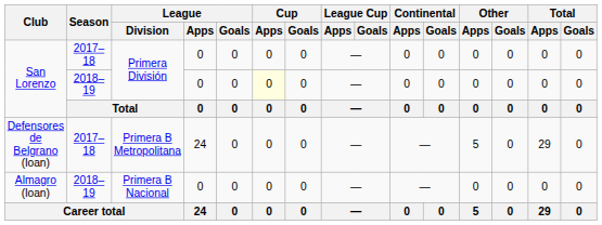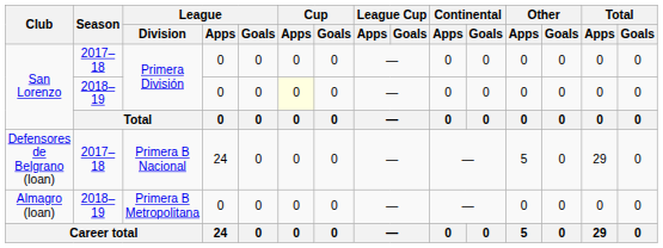 <table class="wikitable" style="text-align:center">
 <tr>
 <th rowspan="2">Club</th>
 <th rowspan="2">Season</th>
 <th colspan="3">League</th>
 <th colspan="2">Cup</th>
 <th colspan="2">League Cup</th>
 <th colspan="2">Continental</th>
 <th colspan="2">Other</th>
 <th colspan="2">Total</th>
 </tr>
 <tr>
 <th>Division</th>
 <th>Apps</th>
 <th>Goals</th>
 <th>Apps</th>
 <th>Goals</th>
 <th>Apps</th>
 <th>Goals</th>
 <th>Apps</th>
 <th>Goals</th>
 <th>Apps</th>
 <th>Goals</th>
 <th>Apps</th>
 <th>Goals</th>
 </tr>
 <tr>
 <td rowspan="3"><a href='#'>San Lorenzo</a></td>
 <td><a href='#'>2017–18</a></td>
 <td rowspan="2"><a href='#'>Primera División</a></td>
 <td>0</td>
 <td>0</td>
 <td>0</td>
 <td>0</td>
 <td colspan="2">—</td>
 <td>0</td>
 <td>0</td>
 <td>0</td>
 <td>0</td>
 <td>0</td>
 <td>0</td>
 </tr>
 <tr>
 <td><a href='#'>2018–19</a></td>
 <td>0</td>
 <td>0</td>
 <td style="background: lightyellow;">0</td>
 <td>0</td>
 <td colspan="2">—</td>
 <td>0</td>
 <td>0</td>
 <td>0</td>
 <td>0</td>
 <td>0</td>
 <td>0</td>
 </tr>
 <tr>
 <th colspan="2">Total</th>
 <th>0</th>
 <th>0</th>
 <th>0</th>
 <th>0</th>
 <th colspan="2">—</th>
 <th>0</th>
 <th>0</th>
 <th>0</th>
 <th>0</th>
 <th>0</th>
 <th>0</th>
 </tr>
 <tr>
 <td rowspan="1"><a href='#'>Defensores de Belgrano</a> (loan)</td>
 <td><a href='#'>2017–18</a></td>
-<td rowspan="1"><a href='#'>Primera B Metropolitana</a></td>
+<td rowspan="1"><a href='#'>Primera B Nacional</a></td>
 <td>24</td>
 <td>0</td>
 <td>0</td>
 <td>0</td>
 <td colspan="2">—</td>
 <td colspan="2">—</td>
 <td>5</td>
 <td>0</td>
 <td>29</td>
 <td>0</td>
 </tr>
 <tr>
 <td rowspan="1"><a href='#'>Almagro</a> (loan)</td>
 <td><a href='#'>2018–19</a></td>
-<td rowspan="1"><a href='#'>Primera B Nacional</a></td>
+<td rowspan="1"><a href='#'>Primera B Metropolitana</a></td>
 <td>0</td>
 <td>0</td>
 <td>0</td>
 <td>0</td>
 <td colspan="2">—</td>
 <td colspan="2">—</td>
 <td>0</td>
 <td>0</td>
 <td>0</td>
 <td>0</td>
 </tr>
 <tr>
 <th colspan="3">Career total</th>
 <th>24</th>
 <th>0</th>
 <th>0</th>
 <th>0</th>
 <th colspan="2">—</th>
 <th>0</th>
 <th>0</th>
 <th>5</th>
 <th>0</th>
 <th>29</th>
 <th>0</th>
 </tr>
 </table>
